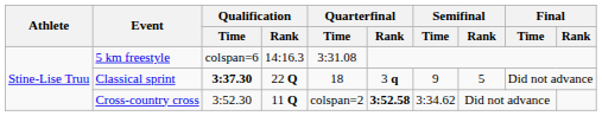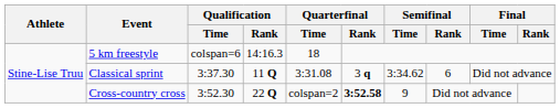 <table class="wikitable" style="font-size:90%">
 <tr>
 <th rowspan="2">Athlete</th>
 <th rowspan="2">Event</th>
 <th colspan="2">Qualification</th>
 <th colspan="2">Quarterfinal</th>
 <th colspan="2">Semifinal</th>
 <th colspan="2">Final</th>
 </tr>
 <tr style="font-size:95%">
 <th>Time</th>
 <th>Rank</th>
 <th>Time</th>
 <th>Rank</th>
 <th>Time</th>
 <th>Rank</th>
 <th>Time</th>
 <th>Rank</th>
 </tr>
 <tr align=center>
 <td align=left rowspan=3><a href='#'>Stine-Lise Truu</a></td>
 <td align=left><a href='#'>5 km freestyle</a></td>
 <td>colspan=6 </td>
 <td>14:16.3</td>
-<td>3:31.08</td>
+<td>18</td>
 </tr>
 <tr align=center>
 <td align=left><a href='#'>Classical sprint</a></td>
-<td><strong>3:37.30</strong></td>
-<td>22 <strong>Q</strong></td>
-<td>18</td>
+<td>3:37.30</td>
+<td>11 <strong>Q</strong></td>
+<td>3:31.08</td>
 <td>3 <strong>q</strong></td>
-<td>9</td>
-<td>5</td>
+<td>3:34.62</td>
+<td>6</td>
 <td colspan=2>Did not advance</td>
 </tr>
 <tr align=center>
 <td align=left><a href='#'>Cross-country cross</a></td>
 <td>3:52.30</td>
-<td>11 <strong>Q</strong></td>
+<td>22 <strong>Q</strong></td>
 <td>colspan=2 </td>
 <td><strong>3:52.58</strong></td>
-<td>3:34.62</td>
+<td>9</td>
 <td colspan=2>Did not advance</td>
 </tr>
 </table>
